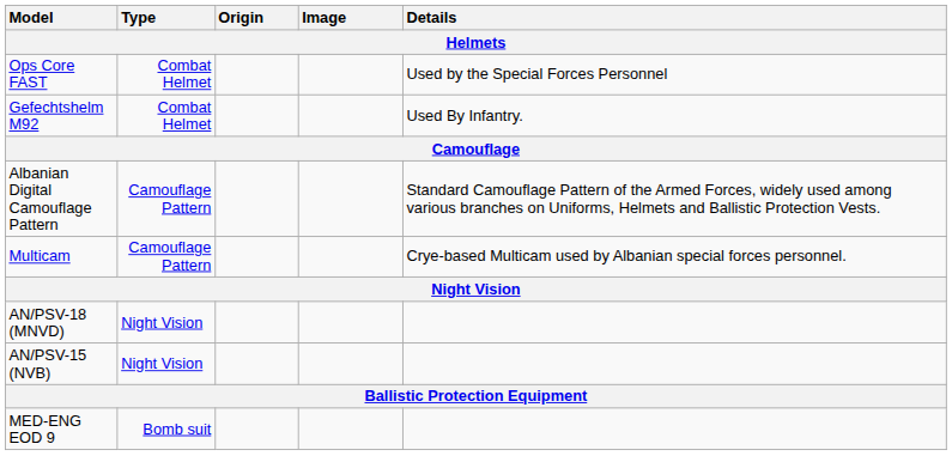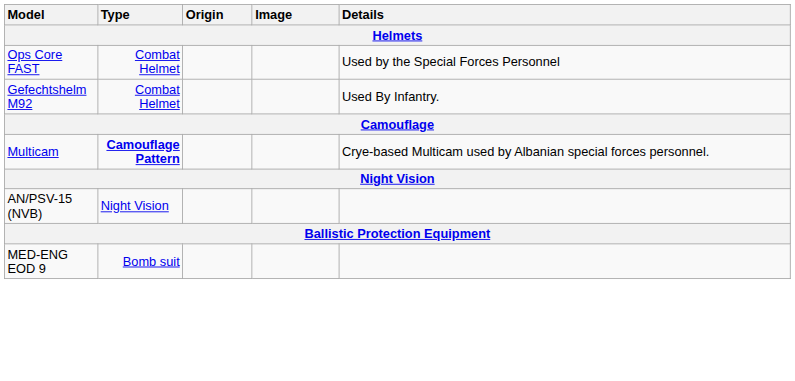 <table class="wikitable" style="margin:auto; font-size:90%; width:100%;">
 <tr>
 <th style="text-align:left; width:10%;">Model</th>
 <th style="text-align:left; width:7%;">Type</th>
 <th style="text-align:left; width:8%;">Origin</th>
 <th style="text-align:left; width:10%;">Image</th>
 <th style="text-align:left; width:52%;">Details</th>
 </tr>
 <tr>
 <th style="align: center;" colspan="5"><a href='#'>Helmets</a></th>
 </tr>
 <tr>
 <td><a href='#'>Ops Core FAST</a></td>
 <td align=right><a href='#'>Combat Helmet</a></td>
 <td></td>
 <td></td>
 <td>Used by the Special Forces Personnel</td>
 </tr>
 <tr>
 <td><a href='#'>Gefechtshelm M92</a></td>
 <td align=right><a href='#'>Combat Helmet</a></td>
 <td></td>
 <td> </td>
 <td>Used By Infantry.</td>
 </tr>
 <tr>
 <th style="align: center;" colspan="5"><a href='#'>Camouflage</a></th>
 </tr>
 <tr>
-<td>Albanian Digital Camouflage Pattern</td>
-<td align=right><a href='#'>Camouflage Pattern</a></td>
-<td></td>
-<td></td>
-<td>Standard Camouflage Pattern of the Armed Forces, widely used among various branches on Uniforms, Helmets and Ballistic Protection Vests.</td>
-</tr>
-<tr>
 <td><a href='#'>Multicam</a></td>
-<td align=right><a href='#'>Camouflage Pattern</a></td>
+<td align=right><strong><a href='#'>Camouflage Pattern</a></strong></td>
 <td></td>
 <td></td>
 <td>Crye-based Multicam used by Albanian special forces personnel.</td>
 </tr>
 <tr>
 <th style="align: center;" colspan="5"><a href='#'>Night Vision</a></th>
-</tr>
-<tr>
-<td>AN/PSV-18 (MNVD)</td>
-<td><a href='#'>Night Vision</a></td>
-<td></td>
-<td></td>
-<td></td>
 </tr>
 <tr>
 <td>AN/PSV-15 (NVB)</td>
 <td><a href='#'>Night Vision</a></td>
 <td></td>
 <td></td>
 <td></td>
 </tr>
 <tr>
 <th style="align: center;" colspan="5"><a href='#'>Ballistic Protection Equipment</a></th>
 </tr>
 <tr>
 <td>MED-ENG EOD 9</td>
 <td align=right><a href='#'>Bomb suit</a></td>
 <td></td>
 <td></td>
 <td></td>
 </tr>
 </table>
